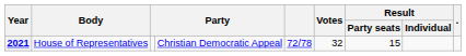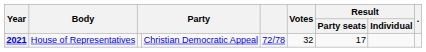 <table class="wikitable plainrowheaders sortable" border=2 cellpadding=4 cellspacing=0 style="border: 1px #aaa solid; font-size: 90%; text-align:center;">
 <tr>
 <th scope="col" rowspan=2>Year</th>
 <th scope="col" rowspan=2>Body</th>
 <th scope="col" colspan=2 rowspan=2>Party</th>
 <th scope="col" rowspan=2></th>
 <th scope="col" rowspan=2>Votes</th>
 <th scope="colgroup" colspan=2>Result</th>
 <th scope="col" rowspan=2 class="unsortable">.</th>
 </tr>
 <tr>
 <th scope="col">Party seats</th>
 <th scope="col">Individual</th>
 </tr>
 <tr>
 <th scope="row"><a href='#'>2021</a></th>
 <td><a href='#'>House of Representatives</a></td>
 <td style="background-color:"></td>
 <td><a href='#'>Christian Democratic Appeal</a></td>
 <td style=text-align:right><a href='#'>72/78</a></td>
 <td style=text-align:right>32</td>
-<td style=text-align:right>15</td>
+<td style=text-align:right>17</td>
 <td></td>
 <td></td>
 </tr>
 </table>
